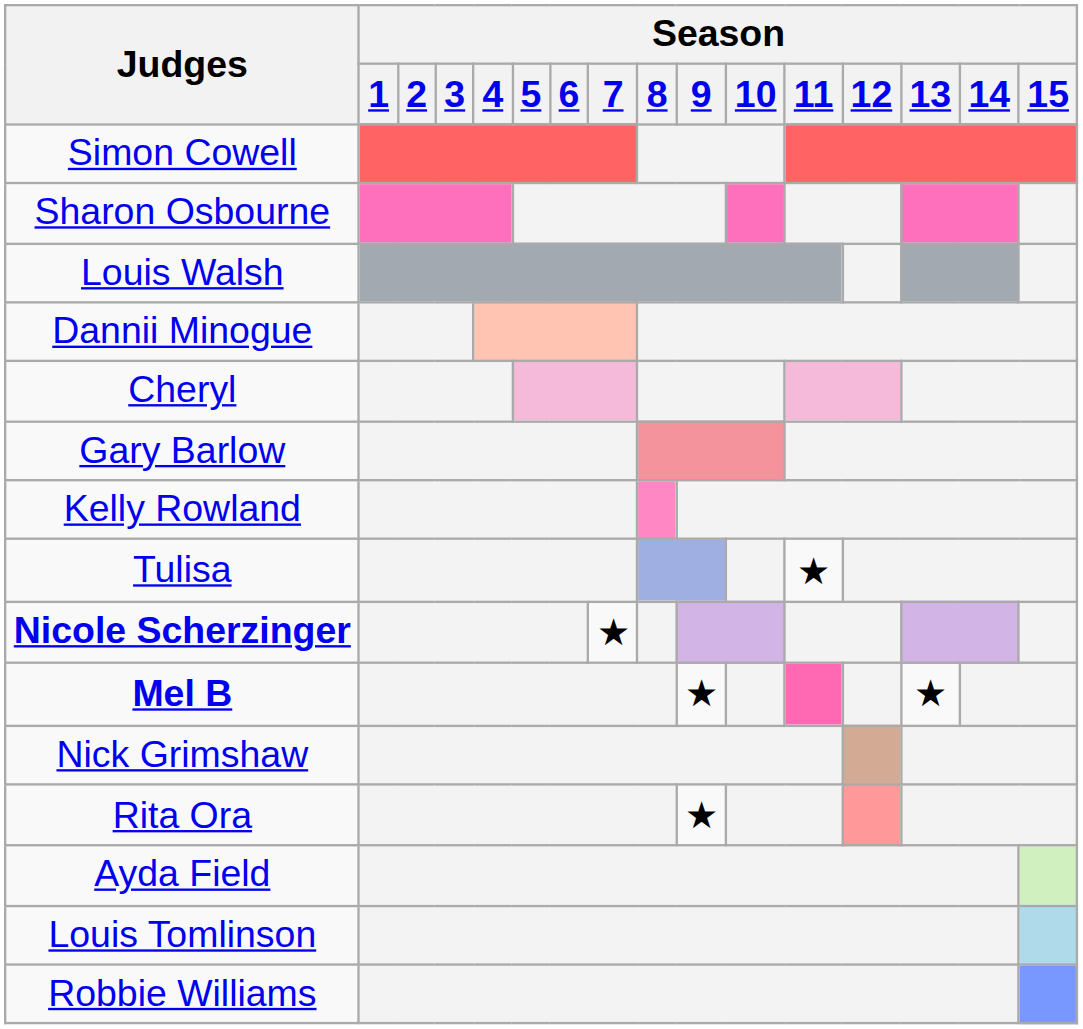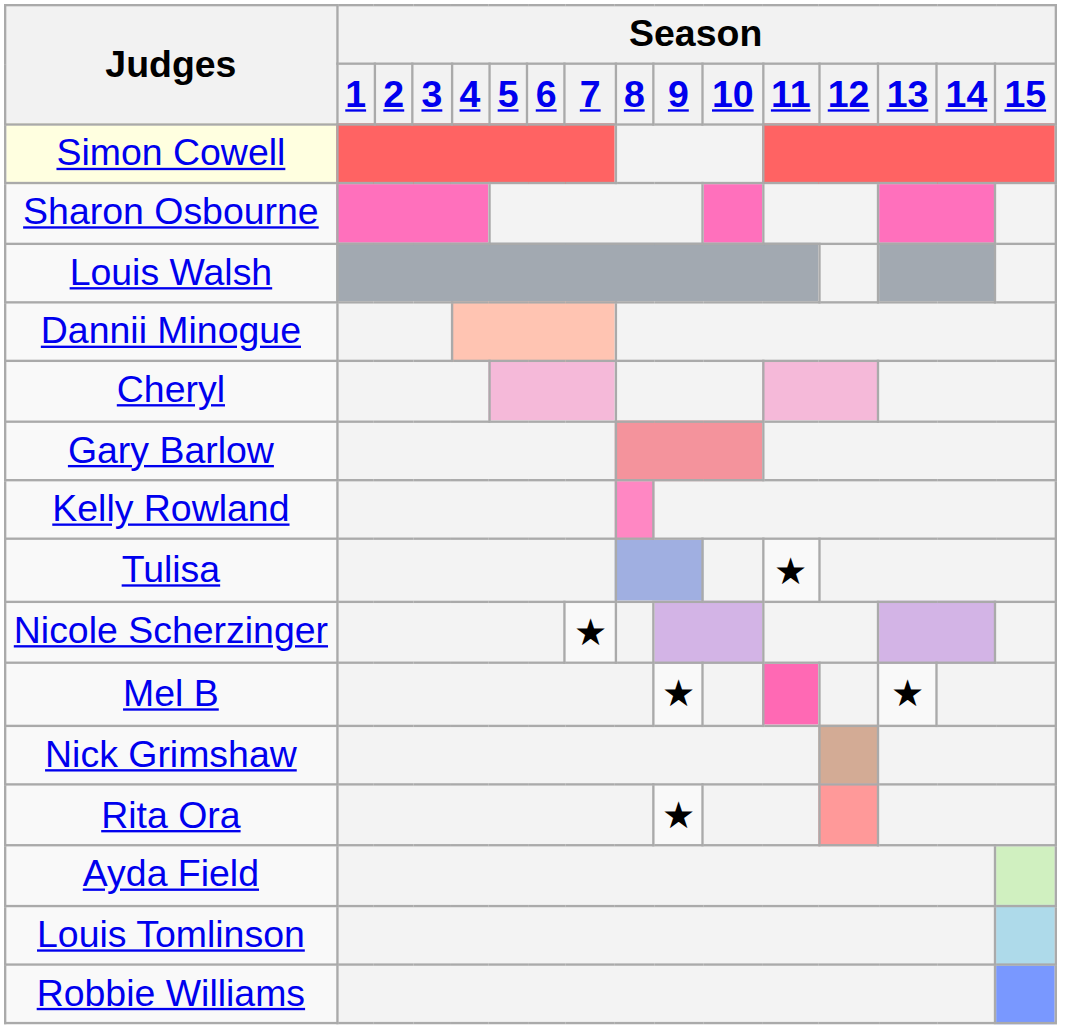 <table class="wikitable" style="text-align:center; font-size:100%;">
 <tr>
 <th rowspan="2">Judges</th>
 <th colspan="15">Season</th>
 </tr>
 <tr>
 <th><a href='#'>1</a></th>
 <th><a href='#'>2</a></th>
 <th><a href='#'>3</a></th>
 <th><a href='#'>4</a></th>
 <th><a href='#'>5</a></th>
 <th><a href='#'>6</a></th>
 <th><a href='#'>7</a></th>
 <th><a href='#'>8</a></th>
 <th><a href='#'>9</a></th>
 <th><a href='#'>10</a></th>
 <th><a href='#'>11</a></th>
 <th><a href='#'>12</a></th>
 <th><a href='#'>13</a></th>
 <th><a href='#'>14</a></th>
 <th><a href='#'>15</a></th>
 </tr>
 <tr>
-<td><a href='#'>Simon Cowell</a></td>
+<td style="background: lightyellow;"><a href='#'>Simon Cowell</a></td>
 <td colspan="7" style="background-color:#ff6363"></td>
 <td colspan="3" style="background-color:#f3f3f3"></td>
 <td colspan="5" style="background-color:#ff6363"></td>
 </tr>
 <tr>
 <td><a href='#'>Sharon Osbourne</a></td>
 <td colspan="4" style="background-color:#ff70bc"></td>
 <td colspan="5" style="background-color:#f3f3f3"></td>
 <td style="background-color:#ff70bc"></td>
 <td colspan="2" style="background-color:#f3f3f3"></td>
 <td colspan="2" style="background-color:#ff70bc"></td>
 <td style="background-color:#f3f3f3"></td>
 </tr>
 <tr>
 <td><a href='#'>Louis Walsh</a></td>
 <td colspan="11" style="background-color:#a2a9b1"></td>
 <td style="background-color:#f3f3f3"></td>
 <td colspan="2" style="background-color:#a2a9b1"></td>
 <td style="background-color:#f3f3f3"></td>
 </tr>
 <tr>
 <td><a href='#'>Dannii Minogue</a></td>
 <td colspan="3" style="background-color:#f3f3f3"></td>
 <td colspan="4" style="background-color:#ffc4b2"></td>
 <td colspan="8" style="background-color:#f3f3f3"></td>
 </tr>
 <tr>
 <td><a href='#'>Cheryl</a></td>
 <td colspan="4" style="background-color:#f3f3f3"></td>
 <td colspan="3" style="background-color:#f5b9d9"></td>
 <td colspan="3" style="background-color:#f3f3f3"></td>
 <td colspan="2" style="background-color:#f5b9d9"></td>
 <td colspan="3" style="background-color:#f3f3f3"></td>
 </tr>
 <tr>
 <td><a href='#'>Gary Barlow</a></td>
 <td colspan="7" style="background-color:#f3f3f3"></td>
 <td colspan="3" style="background-color:#f4939c"></td>
 <td colspan="5" style="background-color:#f3f3f3"></td>
 </tr>
 <tr>
 <td><a href='#'>Kelly Rowland</a></td>
 <td colspan="7" style="background-color:#f3f3f3"></td>
 <td style="background-color:#FF87C3"></td>
 <td colspan="7" style="background-color:#f3f3f3"></td>
 </tr>
 <tr>
 <td><a href='#'>Tulisa</a></td>
 <td colspan="7" style="background-color:#f3f3f3"></td>
 <td colspan="2" style="background-color:#a0afe1"></td>
 <td style="background-color:#f3f3f3"></td>
 <td>★</td>
 <td colspan="4" style="background-color:#f3f3f3"></td>
 </tr>
 <tr>
-<td><strong><a href='#'>Nicole Scherzinger</a></strong></td>
+<td><a href='#'>Nicole Scherzinger</a></td>
 <td colspan="6" style="background-color:#f3f3f3"></td>
 <td>★</td>
 <td style="background-color:#f3f3f3"></td>
 <td colspan="2" style="background-color:#d3b4e6"></td>
 <td colspan="2" style="background-color:#f3f3f3"></td>
 <td colspan="2" style="background-color:#d3b4e6"></td>
 <td style="background-color:#f3f3f3"></td>
 </tr>
 <tr>
-<td><strong><a href='#'>Mel B</a></strong></td>
+<td><a href='#'>Mel B</a></td>
 <td colspan="8" style="background-color:#f3f3f3"></td>
 <td>★</td>
 <td style="background-color:#f3f3f3"></td>
 <td style="background-color:#ff69b4"></td>
 <td style="background-color:#f3f3f3"></td>
 <td>★</td>
 <td colspan="2" style="background-color:#f3f3f3"></td>
 </tr>
 <tr>
 <td><a href='#'>Nick Grimshaw</a></td>
 <td colspan="11" style="background-color:#f3f3f3"></td>
 <td style="background-color:#d3ab95"></td>
 <td colspan="3" style="background-color:#f3f3f3"></td>
 </tr>
 <tr>
 <td><a href='#'>Rita Ora</a></td>
 <td colspan="8" style="background-color:#f3f3f3"></td>
 <td>★</td>
 <td colspan="2" style="background-color:#f3f3f3"></td>
 <td style="background-color:#FF9999"></td>
 <td colspan="3" style="background-color:#f3f3f3"></td>
 </tr>
 <tr>
 <td><a href='#'>Ayda Field</a></td>
 <td colspan="14" style="background-color:#f3f3f3"></td>
 <td style="background-color:#d0f0c0"></td>
 </tr>
 <tr>
 <td><a href='#'>Louis Tomlinson</a></td>
 <td colspan="14" style="background-color:#f3f3f3"></td>
 <td style="background-color:#aedaea"></td>
 </tr>
 <tr>
 <td><a href='#'>Robbie Williams</a></td>
 <td colspan="14" style="background-color:#f3f3f3"></td>
 <td style="background-color:#7998ff"></td>
 </tr>
 </table>
